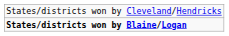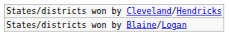 <table class="wikitable">
 <tr>
 <td>States/districts won by <a href='#'>Cleveland</a>/<a href='#'>Hendricks</a></td>
 </tr>
 <tr>
-<td><strong>States/districts won by <a href='#'>Blaine</a>/<a href='#'>Logan</a></strong></td>
+<td>States/districts won by <a href='#'>Blaine</a>/<a href='#'>Logan</a></td>
 </tr>
 </table>
